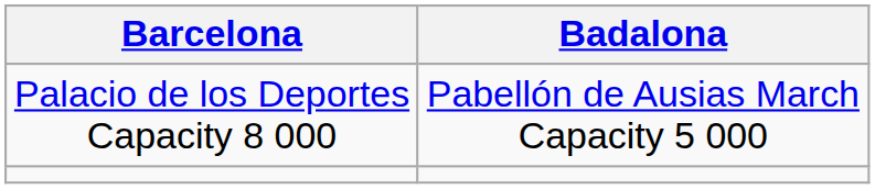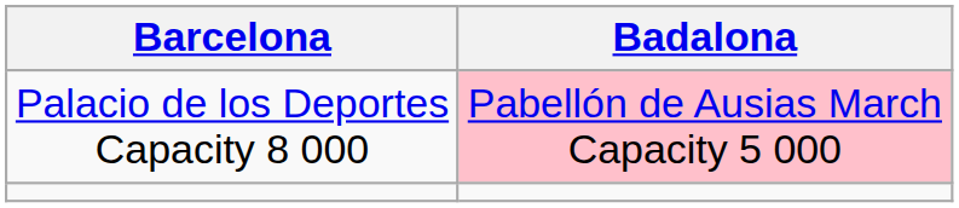 <table class="wikitable" style="text-align:center;">
 <tr>
 <th><a href='#'>Barcelona</a></th>
 <th><a href='#'>Badalona</a></th>
 </tr>
 <tr>
 <td><a href='#'>Palacio de los Deportes</a><br>Capacity 8 000</td>
-<td><a href='#'>Pabellón de Ausias March</a><br>Capacity 5 000</td>
+<td style="background: pink;"><a href='#'>Pabellón de Ausias March</a><br>Capacity 5 000</td>
 </tr>
 <tr>
 <td></td>
 <td></td>
 </tr>
 </table>
